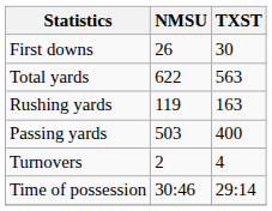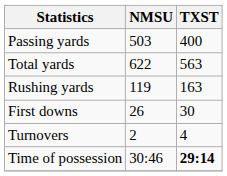 <table class="wikitable" style="float: left;">
 <tr>
 <th>Statistics</th>
 <th>NMSU</th>
 <th>TXST</th>
 </tr>
 <tr>
-<td>First downs</td>
-<td>26</td>
-<td>30</td>
+<td>Passing yards</td>
+<td>503</td>
+<td>400</td>
 </tr>
 <tr>
 <td>Total yards</td>
 <td>622</td>
 <td>563</td>
 </tr>
 <tr>
 <td>Rushing yards</td>
 <td>119</td>
 <td>163</td>
 </tr>
 <tr>
-<td>Passing yards</td>
-<td>503</td>
-<td>400</td>
+<td>First downs</td>
+<td>26</td>
+<td>30</td>
 </tr>
 <tr>
 <td>Turnovers</td>
 <td>2</td>
 <td>4</td>
 </tr>
 <tr>
 <td>Time of possession</td>
 <td>30:46</td>
-<td>29:14</td>
+<td><strong>29:14</strong></td>
 </tr>
 <tr>
 </tr>
 </table>
